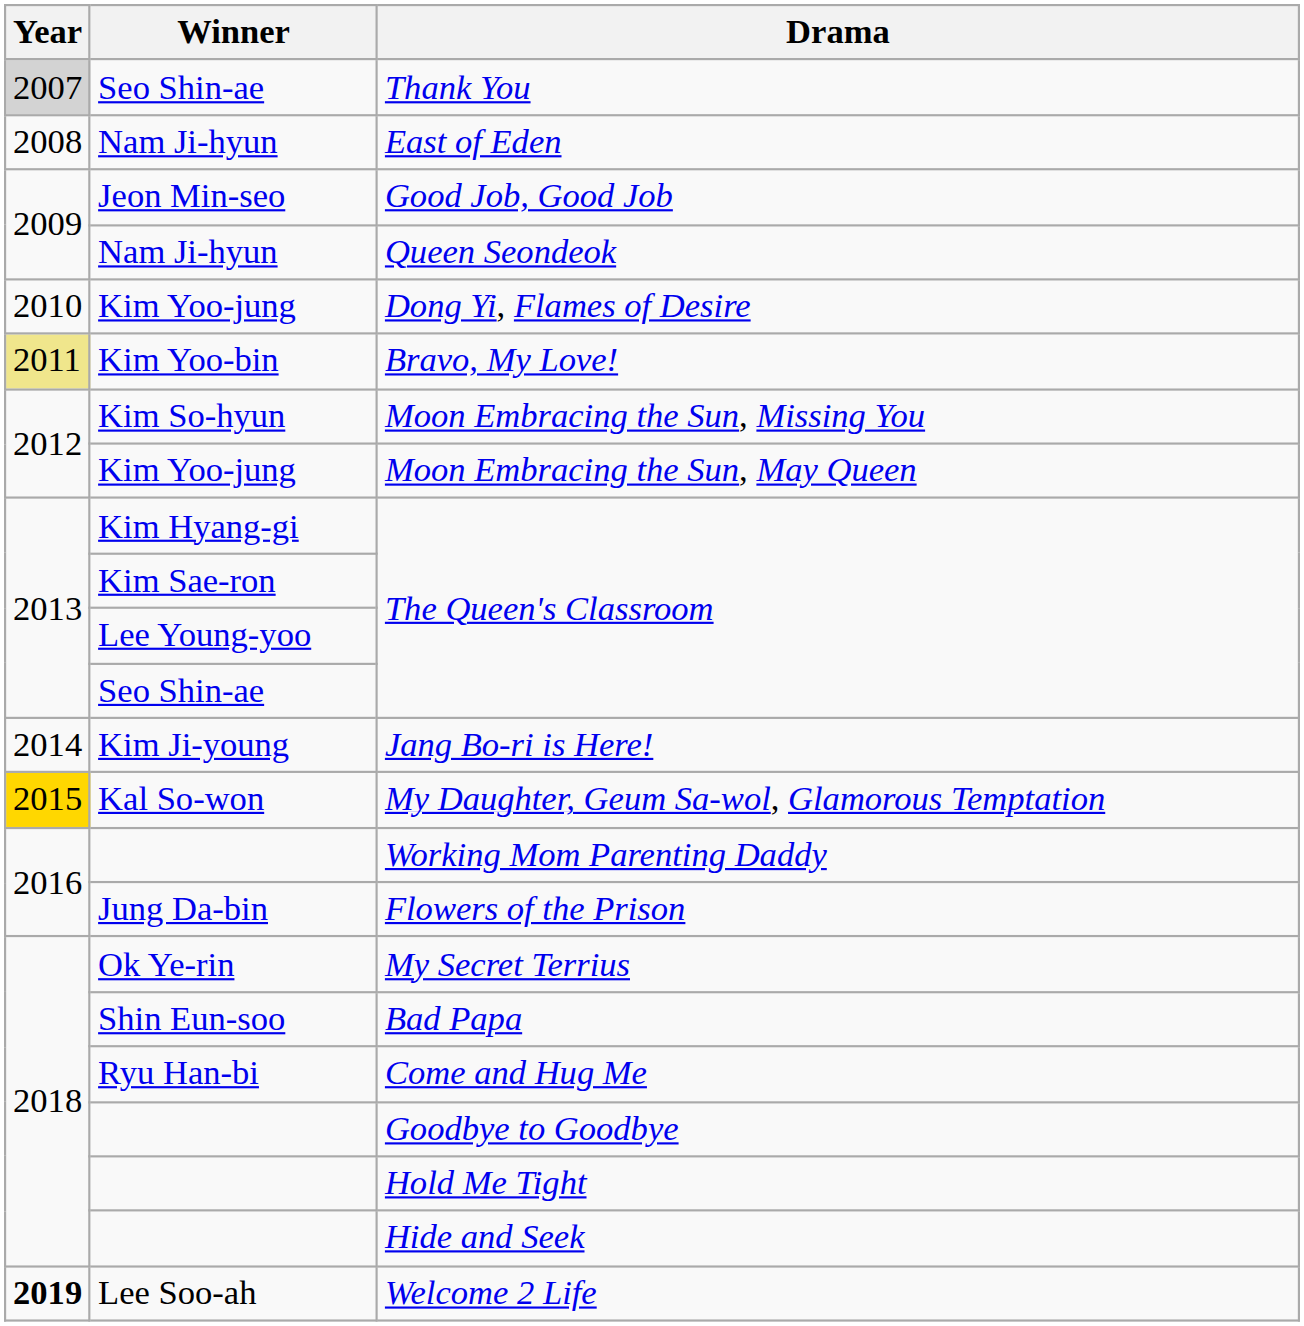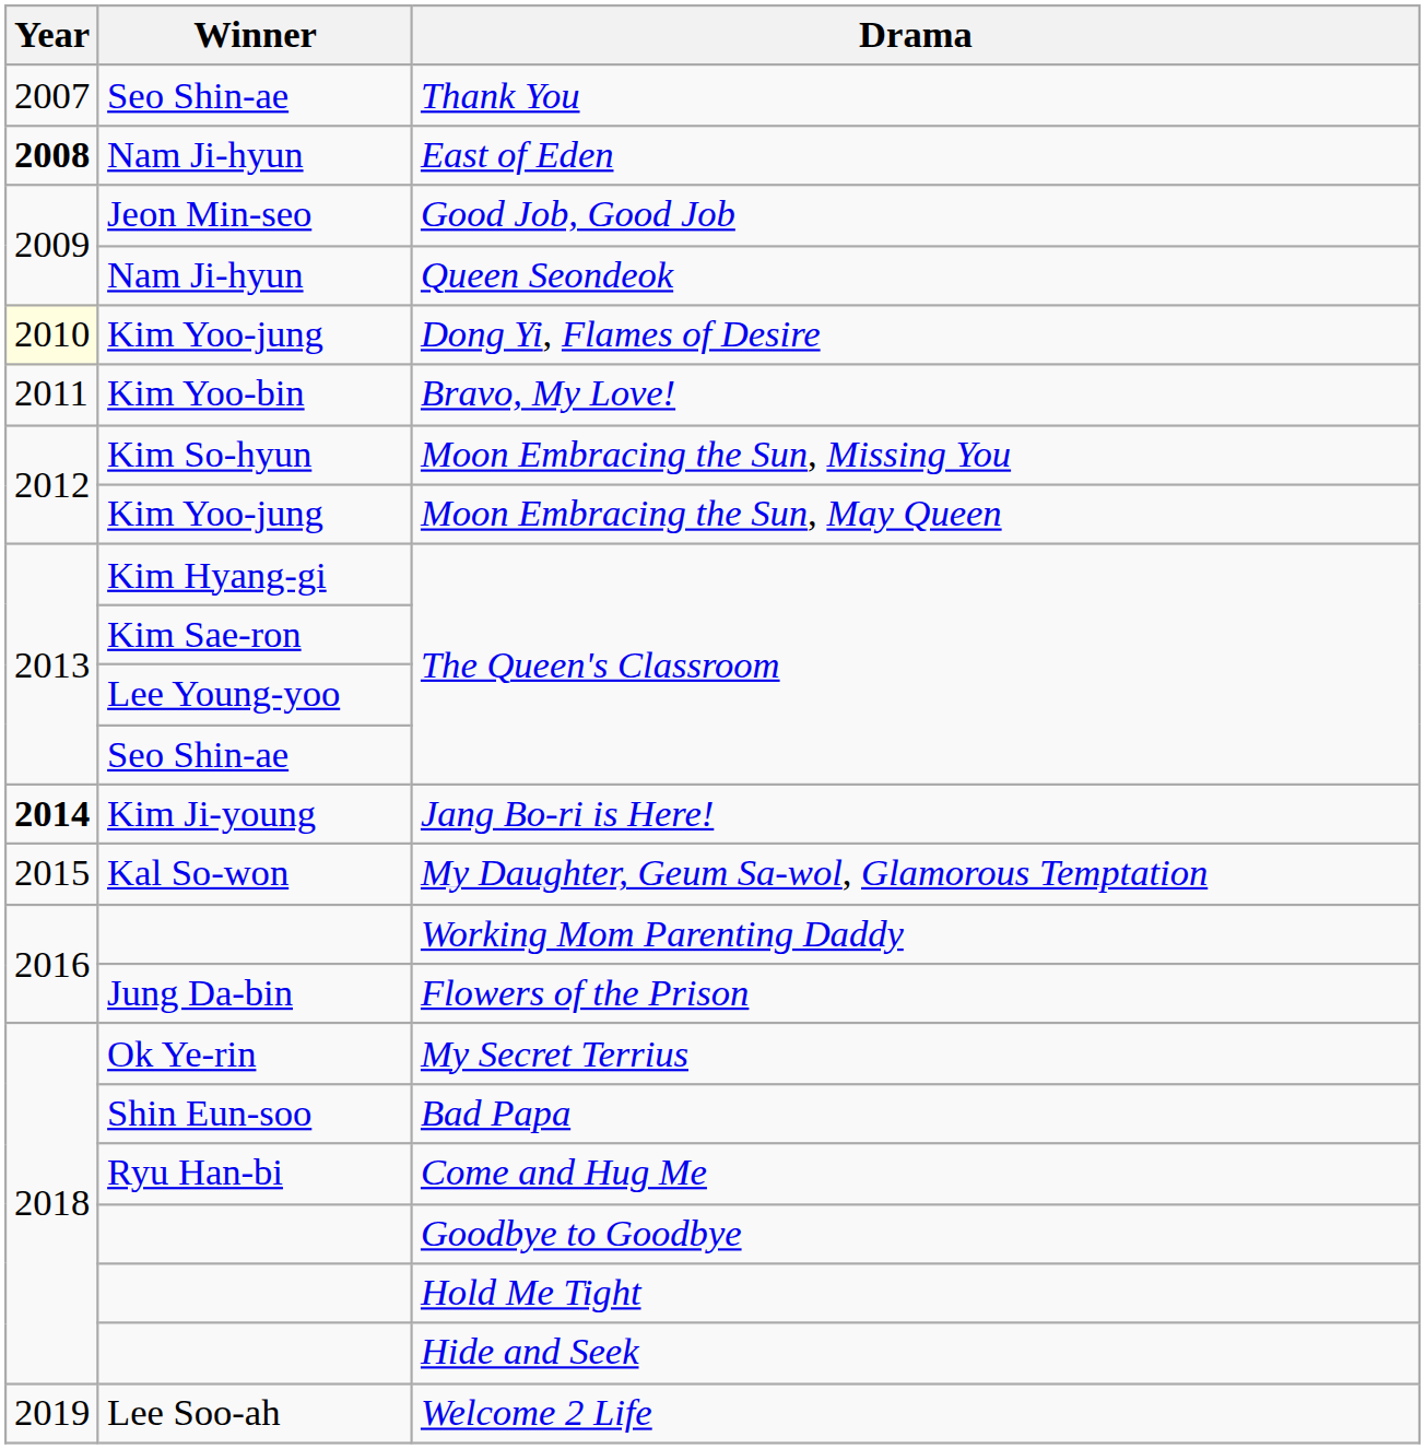 <table class="wikitable" style="width:600px">
 <tr>
 <th width=10>Year</th>
 <th>Winner</th>
 <th>Drama</th>
 </tr>
 <tr>
-<td style="background: lightgrey;">2007</td>
+<td>2007</td>
 <td><a href='#'>Seo Shin-ae</a></td>
 <td><em><a href='#'>Thank You</a></em></td>
 </tr>
 <tr>
-<td>2008</td>
+<td><strong>2008</strong></td>
 <td><a href='#'>Nam Ji-hyun</a></td>
 <td><em><a href='#'>East of Eden</a></em></td>
 </tr>
 <tr>
 <td rowspan=2>2009</td>
 <td><a href='#'>Jeon Min-seo</a></td>
 <td><em><a href='#'>Good Job, Good Job</a></em></td>
 </tr>
 <tr>
 <td><a href='#'>Nam Ji-hyun</a></td>
 <td><em><a href='#'>Queen Seondeok</a></em></td>
 </tr>
 <tr>
-<td>2010</td>
+<td style="background: lightyellow;">2010</td>
 <td><a href='#'>Kim Yoo-jung</a></td>
 <td><em><a href='#'>Dong Yi</a></em>, <em><a href='#'>Flames of Desire</a></em></td>
 </tr>
 <tr>
-<td style="background: khaki;">2011</td>
+<td>2011</td>
 <td><a href='#'>Kim Yoo-bin</a></td>
 <td><em><a href='#'>Bravo, My Love!</a></em></td>
 </tr>
 <tr>
 <td rowspan=2>2012</td>
 <td><a href='#'>Kim So-hyun</a></td>
 <td><em><a href='#'>Moon Embracing the Sun</a></em>, <em><a href='#'>Missing You</a></em></td>
 </tr>
 <tr>
 <td><a href='#'>Kim Yoo-jung</a></td>
 <td><em><a href='#'>Moon Embracing the Sun</a></em>, <em><a href='#'>May Queen</a></em></td>
 </tr>
 <tr>
 <td rowspan=4>2013</td>
 <td><a href='#'>Kim Hyang-gi</a></td>
 <td rowspan=4><em><a href='#'>The Queen's Classroom</a></em></td>
 </tr>
 <tr>
 <td><a href='#'>Kim Sae-ron</a></td>
 </tr>
 <tr>
 <td><a href='#'>Lee Young-yoo</a></td>
 </tr>
 <tr>
 <td><a href='#'>Seo Shin-ae</a></td>
 </tr>
 <tr>
-<td>2014</td>
+<td><strong>2014</strong></td>
 <td><a href='#'>Kim Ji-young</a></td>
 <td><em><a href='#'>Jang Bo-ri is Here!</a></em></td>
 </tr>
 <tr>
-<td style="background: gold;">2015</td>
+<td>2015</td>
 <td><a href='#'>Kal So-won</a></td>
 <td><em><a href='#'>My Daughter, Geum Sa-wol</a></em>, <em><a href='#'>Glamorous Temptation</a></em></td>
 </tr>
 <tr>
 <td rowspan=2>2016</td>
 <td></td>
 <td><em><a href='#'>Working Mom Parenting Daddy</a></em></td>
 </tr>
 <tr>
 <td><a href='#'>Jung Da-bin</a></td>
 <td><em><a href='#'>Flowers of the Prison</a></em></td>
 </tr>
 <tr>
 <td rowspan=6>2018</td>
 <td><a href='#'>Ok Ye-rin</a></td>
 <td><em><a href='#'>My Secret Terrius</a></em></td>
 </tr>
 <tr>
 <td><a href='#'>Shin Eun-soo</a></td>
 <td><em><a href='#'>Bad Papa</a></em></td>
 </tr>
 <tr>
 <td><a href='#'>Ryu Han-bi</a></td>
 <td><em><a href='#'>Come and Hug Me</a></em></td>
 </tr>
 <tr>
 <td></td>
 <td><em><a href='#'>Goodbye to Goodbye</a></em></td>
 </tr>
 <tr>
 <td></td>
 <td><em><a href='#'>Hold Me Tight</a></em></td>
 </tr>
 <tr>
 <td></td>
 <td><em><a href='#'>Hide and Seek</a></em></td>
 </tr>
 <tr>
-<td><strong>2019</strong></td>
+<td>2019</td>
 <td>Lee Soo-ah</td>
 <td><em><a href='#'>Welcome 2 Life</a></em></td>
 </tr>
 </table>
